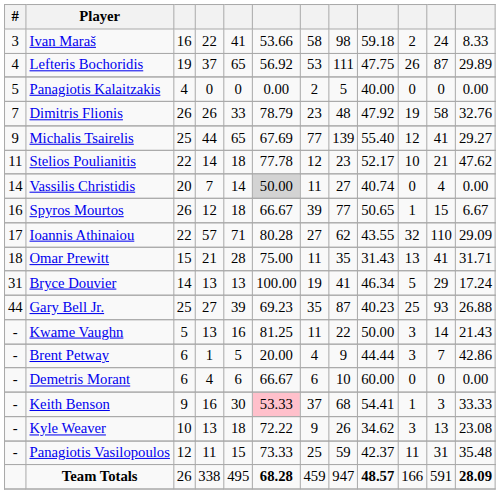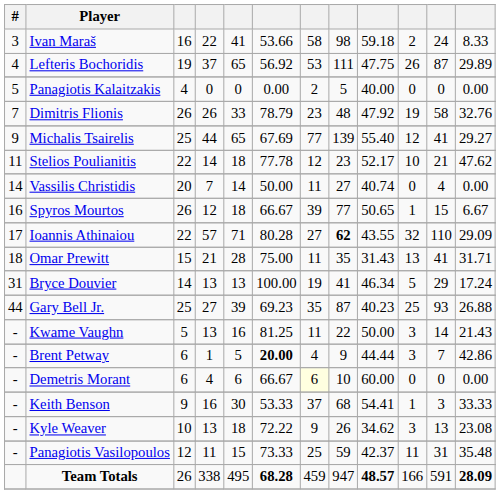 <table class="wikitable sortable" style="font-size:90%; text-align:center;">
 <tr>
 <th>#</th>
 <th>Player</th>
 <th></th>
 <th></th>
 <th></th>
 <th></th>
 <th></th>
 <th></th>
 <th></th>
 <th></th>
 <th></th>
 <th></th>
 </tr>
 <tr>
 <td>3</td>
 <td align="left"> <a href='#'>Ivan Maraš</a></td>
 <td>16</td>
 <td>22</td>
 <td>41</td>
 <td>53.66</td>
 <td>58</td>
 <td>98</td>
 <td>59.18</td>
 <td>2</td>
 <td>24</td>
 <td>8.33</td>
 </tr>
 <tr>
 </tr>
 <tr>
 <td>4</td>
 <td align="left"> <a href='#'>Lefteris Bochoridis</a></td>
 <td>19</td>
 <td>37</td>
 <td>65</td>
 <td>56.92</td>
 <td>53</td>
 <td>111</td>
 <td>47.75</td>
 <td>26</td>
 <td>87</td>
 <td>29.89</td>
 </tr>
 <tr>
 </tr>
 <tr>
 <td>5</td>
 <td align="left"> <a href='#'>Panagiotis Kalaitzakis</a></td>
 <td>4</td>
 <td>0</td>
 <td>0</td>
 <td>0.00</td>
 <td>2</td>
 <td>5</td>
 <td>40.00</td>
 <td>0</td>
 <td>0</td>
 <td>0.00</td>
 </tr>
 <tr>
 </tr>
 <tr>
 <td>7</td>
 <td align="left"> <a href='#'>Dimitris Flionis</a></td>
 <td>26</td>
 <td>26</td>
 <td>33</td>
 <td>78.79</td>
 <td>23</td>
 <td>48</td>
 <td>47.92</td>
 <td>19</td>
 <td>58</td>
 <td>32.76</td>
 </tr>
 <tr>
 </tr>
 <tr>
 <td>9</td>
 <td align="left"> <a href='#'>Michalis Tsairelis</a></td>
 <td>25</td>
 <td>44</td>
 <td>65</td>
 <td>67.69</td>
 <td>77</td>
 <td>139</td>
 <td>55.40</td>
 <td>12</td>
 <td>41</td>
 <td>29.27</td>
 </tr>
 <tr>
 </tr>
 <tr>
 <td>11</td>
 <td align="left"> <a href='#'>Stelios Poulianitis</a></td>
 <td>22</td>
 <td>14</td>
 <td>18</td>
 <td>77.78</td>
 <td>12</td>
 <td>23</td>
 <td>52.17</td>
 <td>10</td>
 <td>21</td>
 <td>47.62</td>
 </tr>
 <tr>
 </tr>
 <tr>
 <td>14</td>
 <td align="left"> <a href='#'>Vassilis Christidis</a></td>
 <td>20</td>
 <td>7</td>
 <td>14</td>
-<td style="background: lightgrey;">50.00</td>
+<td>50.00</td>
 <td>11</td>
 <td>27</td>
 <td>40.74</td>
 <td>0</td>
 <td>4</td>
 <td>0.00</td>
 </tr>
 <tr>
 </tr>
 <tr>
 <td>16</td>
 <td align="left"> <a href='#'>Spyros Mourtos</a></td>
 <td>26</td>
 <td>12</td>
 <td>18</td>
 <td>66.67</td>
 <td>39</td>
 <td>77</td>
 <td>50.65</td>
 <td>1</td>
 <td>15</td>
 <td>6.67</td>
 </tr>
 <tr>
 </tr>
 <tr>
 <td>17</td>
 <td align="left"> <a href='#'>Ioannis Athinaiou</a></td>
 <td>22</td>
 <td>57</td>
 <td>71</td>
 <td>80.28</td>
 <td>27</td>
-<td>62</td>
+<td><strong>62</strong></td>
 <td>43.55</td>
 <td>32</td>
 <td>110</td>
 <td>29.09</td>
 </tr>
 <tr>
 </tr>
 <tr>
 <td>18</td>
 <td align="left"> <a href='#'>Omar Prewitt</a></td>
 <td>15</td>
 <td>21</td>
 <td>28</td>
 <td>75.00</td>
 <td>11</td>
 <td>35</td>
 <td>31.43</td>
 <td>13</td>
 <td>41</td>
 <td>31.71</td>
 </tr>
 <tr>
 </tr>
 <tr>
 <td>31</td>
 <td align="left"> <a href='#'>Bryce Douvier</a></td>
 <td>14</td>
 <td>13</td>
 <td>13</td>
 <td>100.00</td>
 <td>19</td>
 <td>41</td>
 <td>46.34</td>
 <td>5</td>
 <td>29</td>
 <td>17.24</td>
 </tr>
 <tr>
 </tr>
 <tr>
 <td>44</td>
 <td align="left"> <a href='#'>Gary Bell Jr.</a></td>
 <td>25</td>
 <td>27</td>
 <td>39</td>
 <td>69.23</td>
 <td>35</td>
 <td>87</td>
 <td>40.23</td>
 <td>25</td>
 <td>93</td>
 <td>26.88</td>
 </tr>
 <tr>
 </tr>
 <tr>
 <td>-</td>
 <td align="left"> <a href='#'>Kwame Vaughn</a></td>
 <td>5</td>
 <td>13</td>
 <td>16</td>
 <td>81.25</td>
 <td>11</td>
 <td>22</td>
 <td>50.00</td>
 <td>3</td>
 <td>14</td>
 <td>21.43</td>
 </tr>
 <tr>
 </tr>
 <tr>
 <td>-</td>
 <td align="left"> <a href='#'>Brent Petway</a></td>
 <td>6</td>
 <td>1</td>
 <td>5</td>
-<td>20.00</td>
+<td><strong>20.00</strong></td>
 <td>4</td>
 <td>9</td>
 <td>44.44</td>
 <td>3</td>
 <td>7</td>
 <td>42.86</td>
 </tr>
 <tr>
 </tr>
 <tr>
 <td>-</td>
 <td align="left"> <a href='#'>Demetris Morant</a></td>
 <td>6</td>
 <td>4</td>
 <td>6</td>
 <td>66.67</td>
-<td>6</td>
+<td style="background: lightyellow;">6</td>
 <td>10</td>
 <td>60.00</td>
 <td>0</td>
 <td>0</td>
 <td>0.00</td>
 </tr>
 <tr>
 </tr>
 <tr>
 <td>-</td>
 <td align="left"> <a href='#'>Keith Benson</a></td>
 <td>9</td>
 <td>16</td>
 <td>30</td>
-<td style="background: pink;">53.33</td>
+<td>53.33</td>
 <td>37</td>
 <td>68</td>
 <td>54.41</td>
 <td>1</td>
 <td>3</td>
 <td>33.33</td>
 </tr>
 <tr>
 </tr>
 <tr>
 <td>-</td>
 <td align="left"> <a href='#'>Kyle Weaver</a></td>
 <td>10</td>
 <td>13</td>
 <td>18</td>
 <td>72.22</td>
 <td>9</td>
 <td>26</td>
 <td>34.62</td>
 <td>3</td>
 <td>13</td>
 <td>23.08</td>
 </tr>
 <tr>
 </tr>
 <tr>
 <td>-</td>
 <td align="left"> <a href='#'>Panagiotis Vasilopoulos</a></td>
 <td>12</td>
 <td>11</td>
 <td>15</td>
 <td>73.33</td>
 <td>25</td>
 <td>59</td>
 <td>42.37</td>
 <td>11</td>
 <td>31</td>
 <td>35.48</td>
 </tr>
 <tr>
 </tr>
 <tr>
 <td></td>
 <td><strong>Team Totals</strong></td>
 <td>26</td>
 <td>338</td>
 <td>495</td>
 <td><strong>68.28</strong></td>
 <td>459</td>
 <td>947</td>
 <td><strong>48.57</strong></td>
 <td>166</td>
 <td>591</td>
 <td><strong>28.09</strong></td>
 </tr>
 <tr>
 </tr>
 </table>
